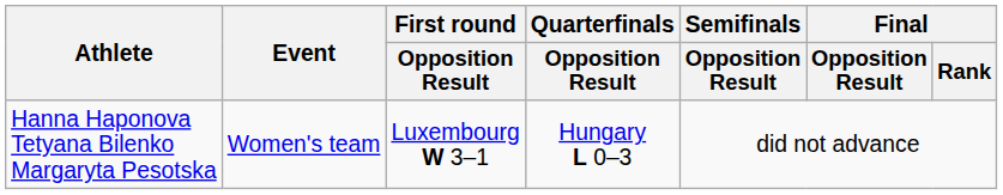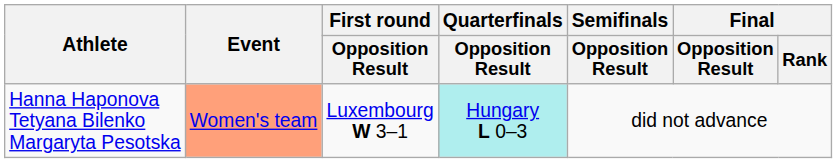 <table class="wikitable" style="text-align:center; font-size:90%">
 <tr>
 <th rowspan=2>Athlete</th>
 <th rowspan=2>Event</th>
 <th>First round</th>
 <th>Quarterfinals</th>
 <th>Semifinals</th>
 <th colspan=2>Final</th>
 </tr>
 <tr style="font-size:95%">
 <th>Opposition<br>Result</th>
 <th>Opposition<br>Result</th>
 <th>Opposition<br>Result</th>
 <th>Opposition<br>Result</th>
 <th>Rank</th>
 </tr>
 <tr>
 <td align=left><a href='#'>Hanna Haponova</a><br><a href='#'>Tetyana Bilenko</a><br><a href='#'>Margaryta Pesotska</a></td>
-<td align=left><a href='#'>Women's team</a></td>
+<td align=left style="background: lightsalmon;"><a href='#'>Women's team</a></td>
 <td> <a href='#'>Luxembourg</a><br> <strong>W</strong> 3–1</td>
-<td> <a href='#'>Hungary</a><br> <strong>L</strong> 0–3</td>
+<td style="background: paleturquoise;"> <a href='#'>Hungary</a><br> <strong>L</strong> 0–3</td>
 <td colspan=3>did not advance</td>
 </tr>
 </table>
